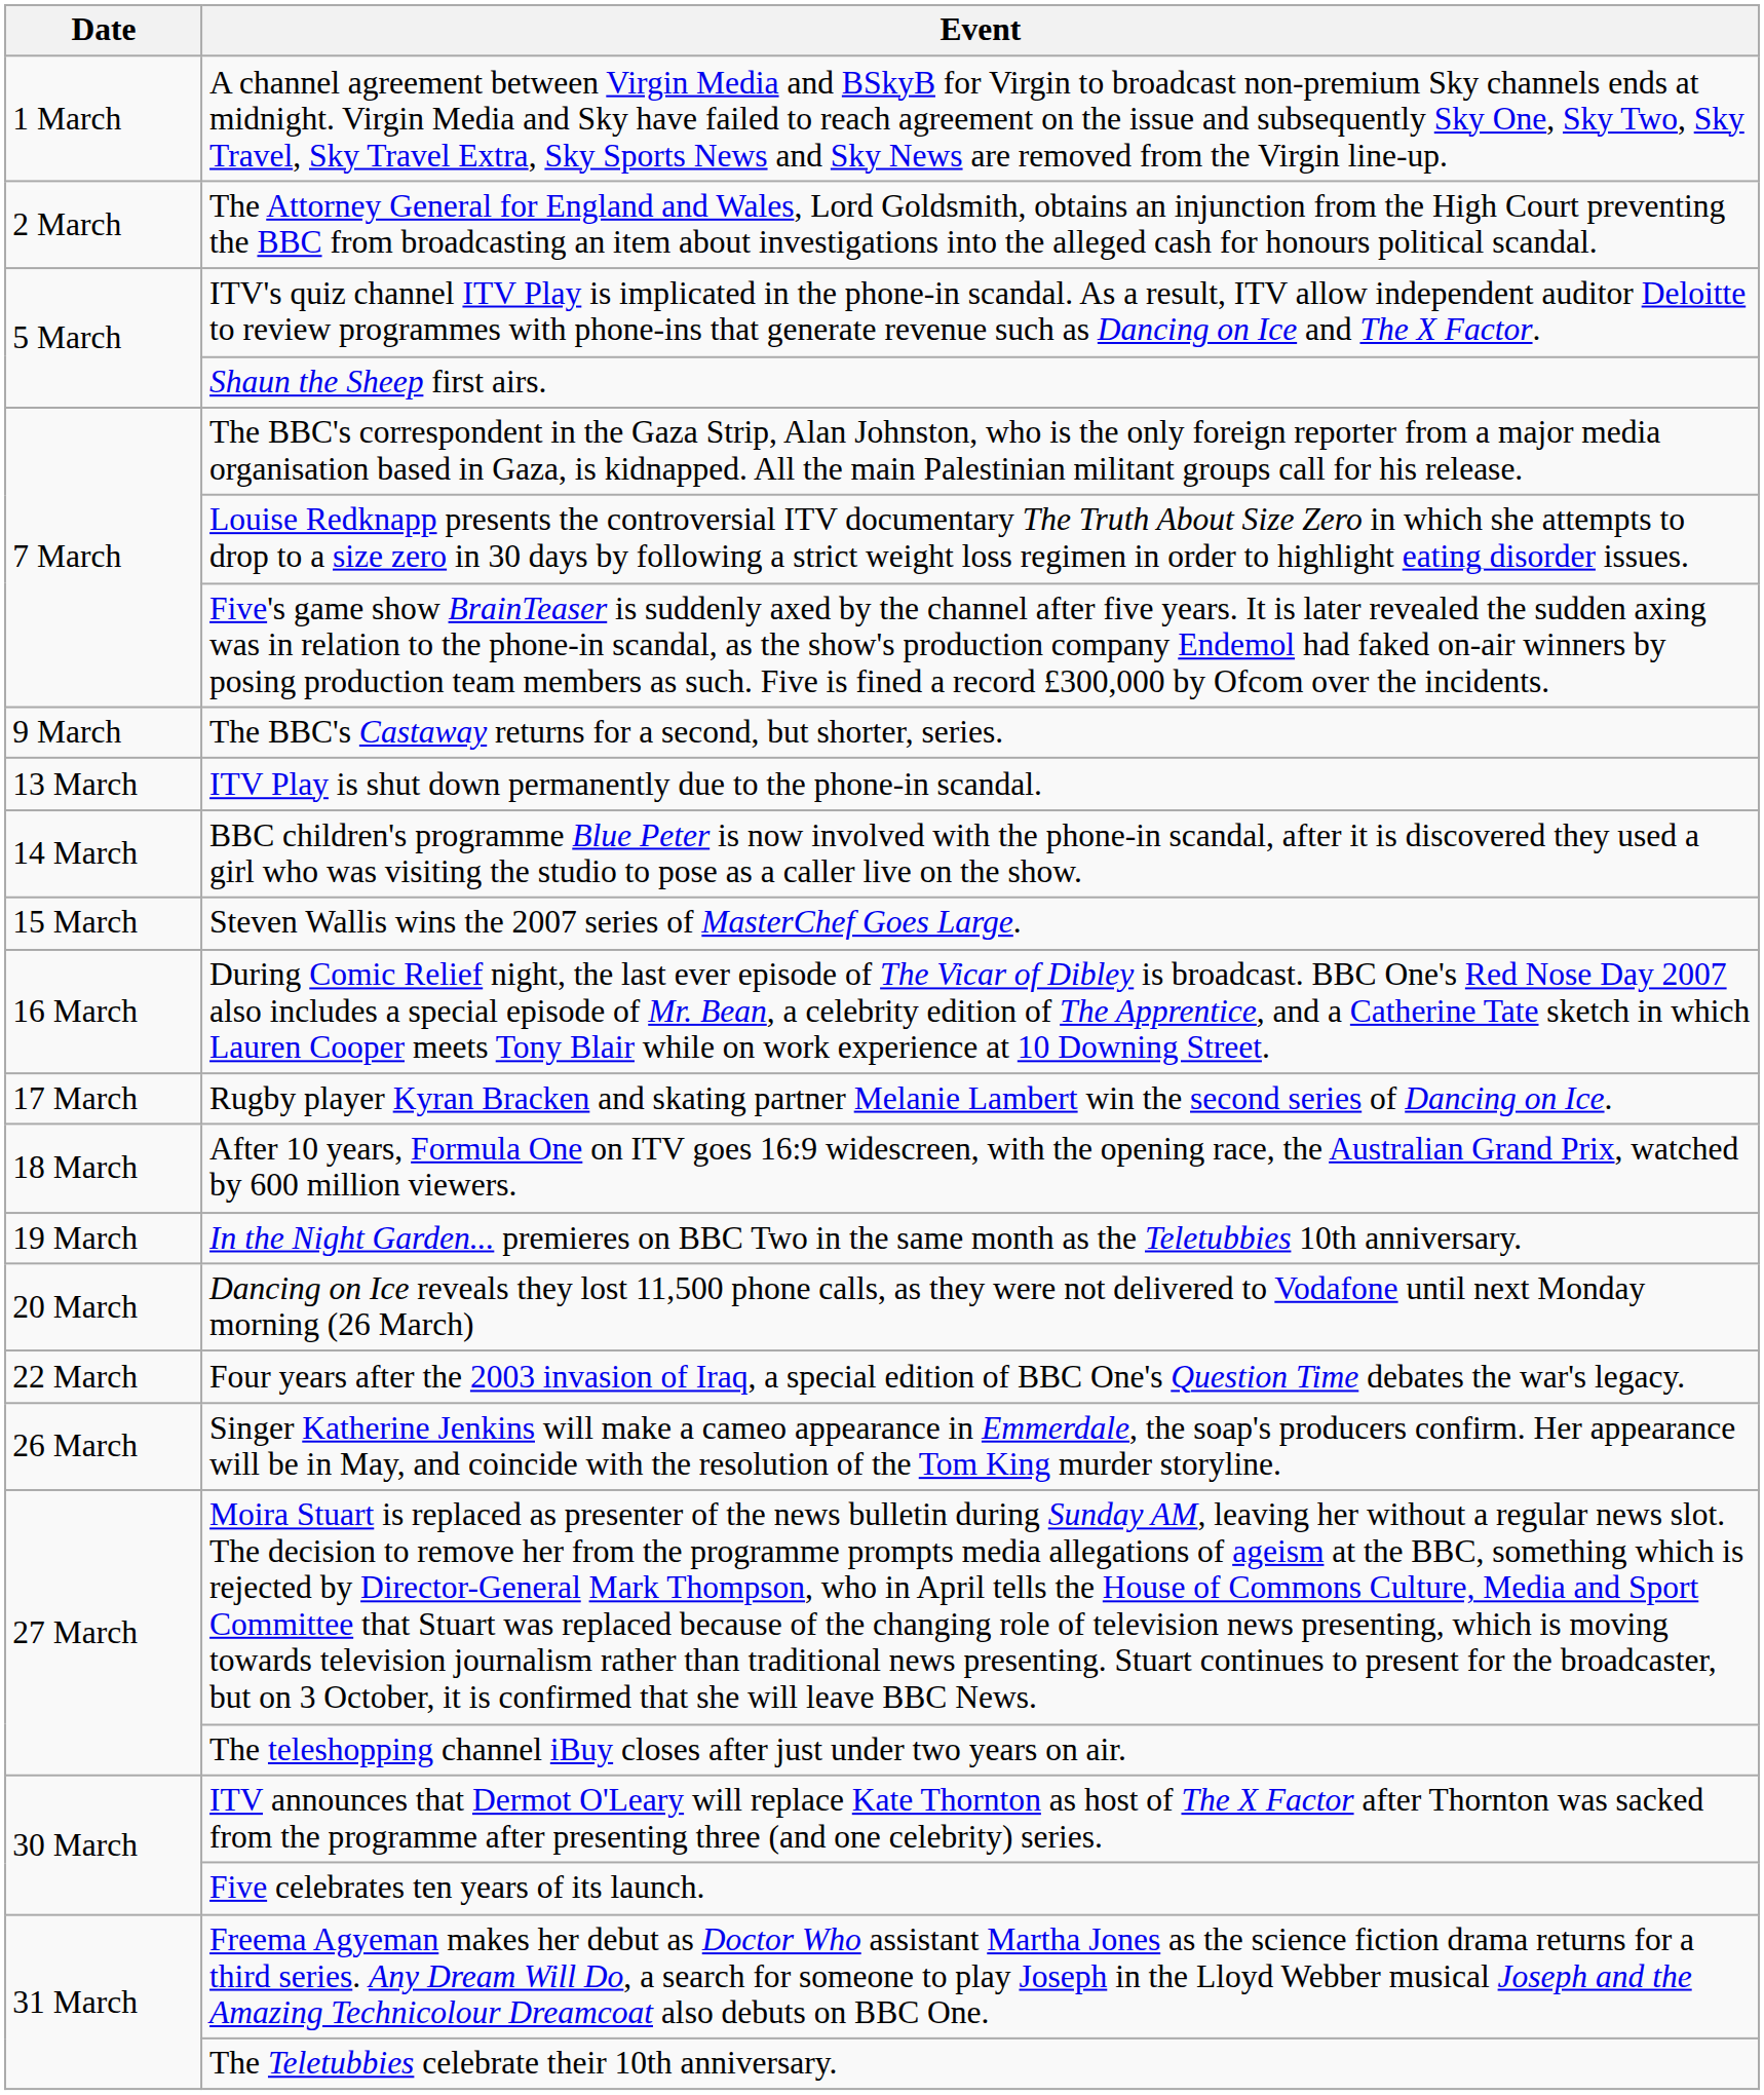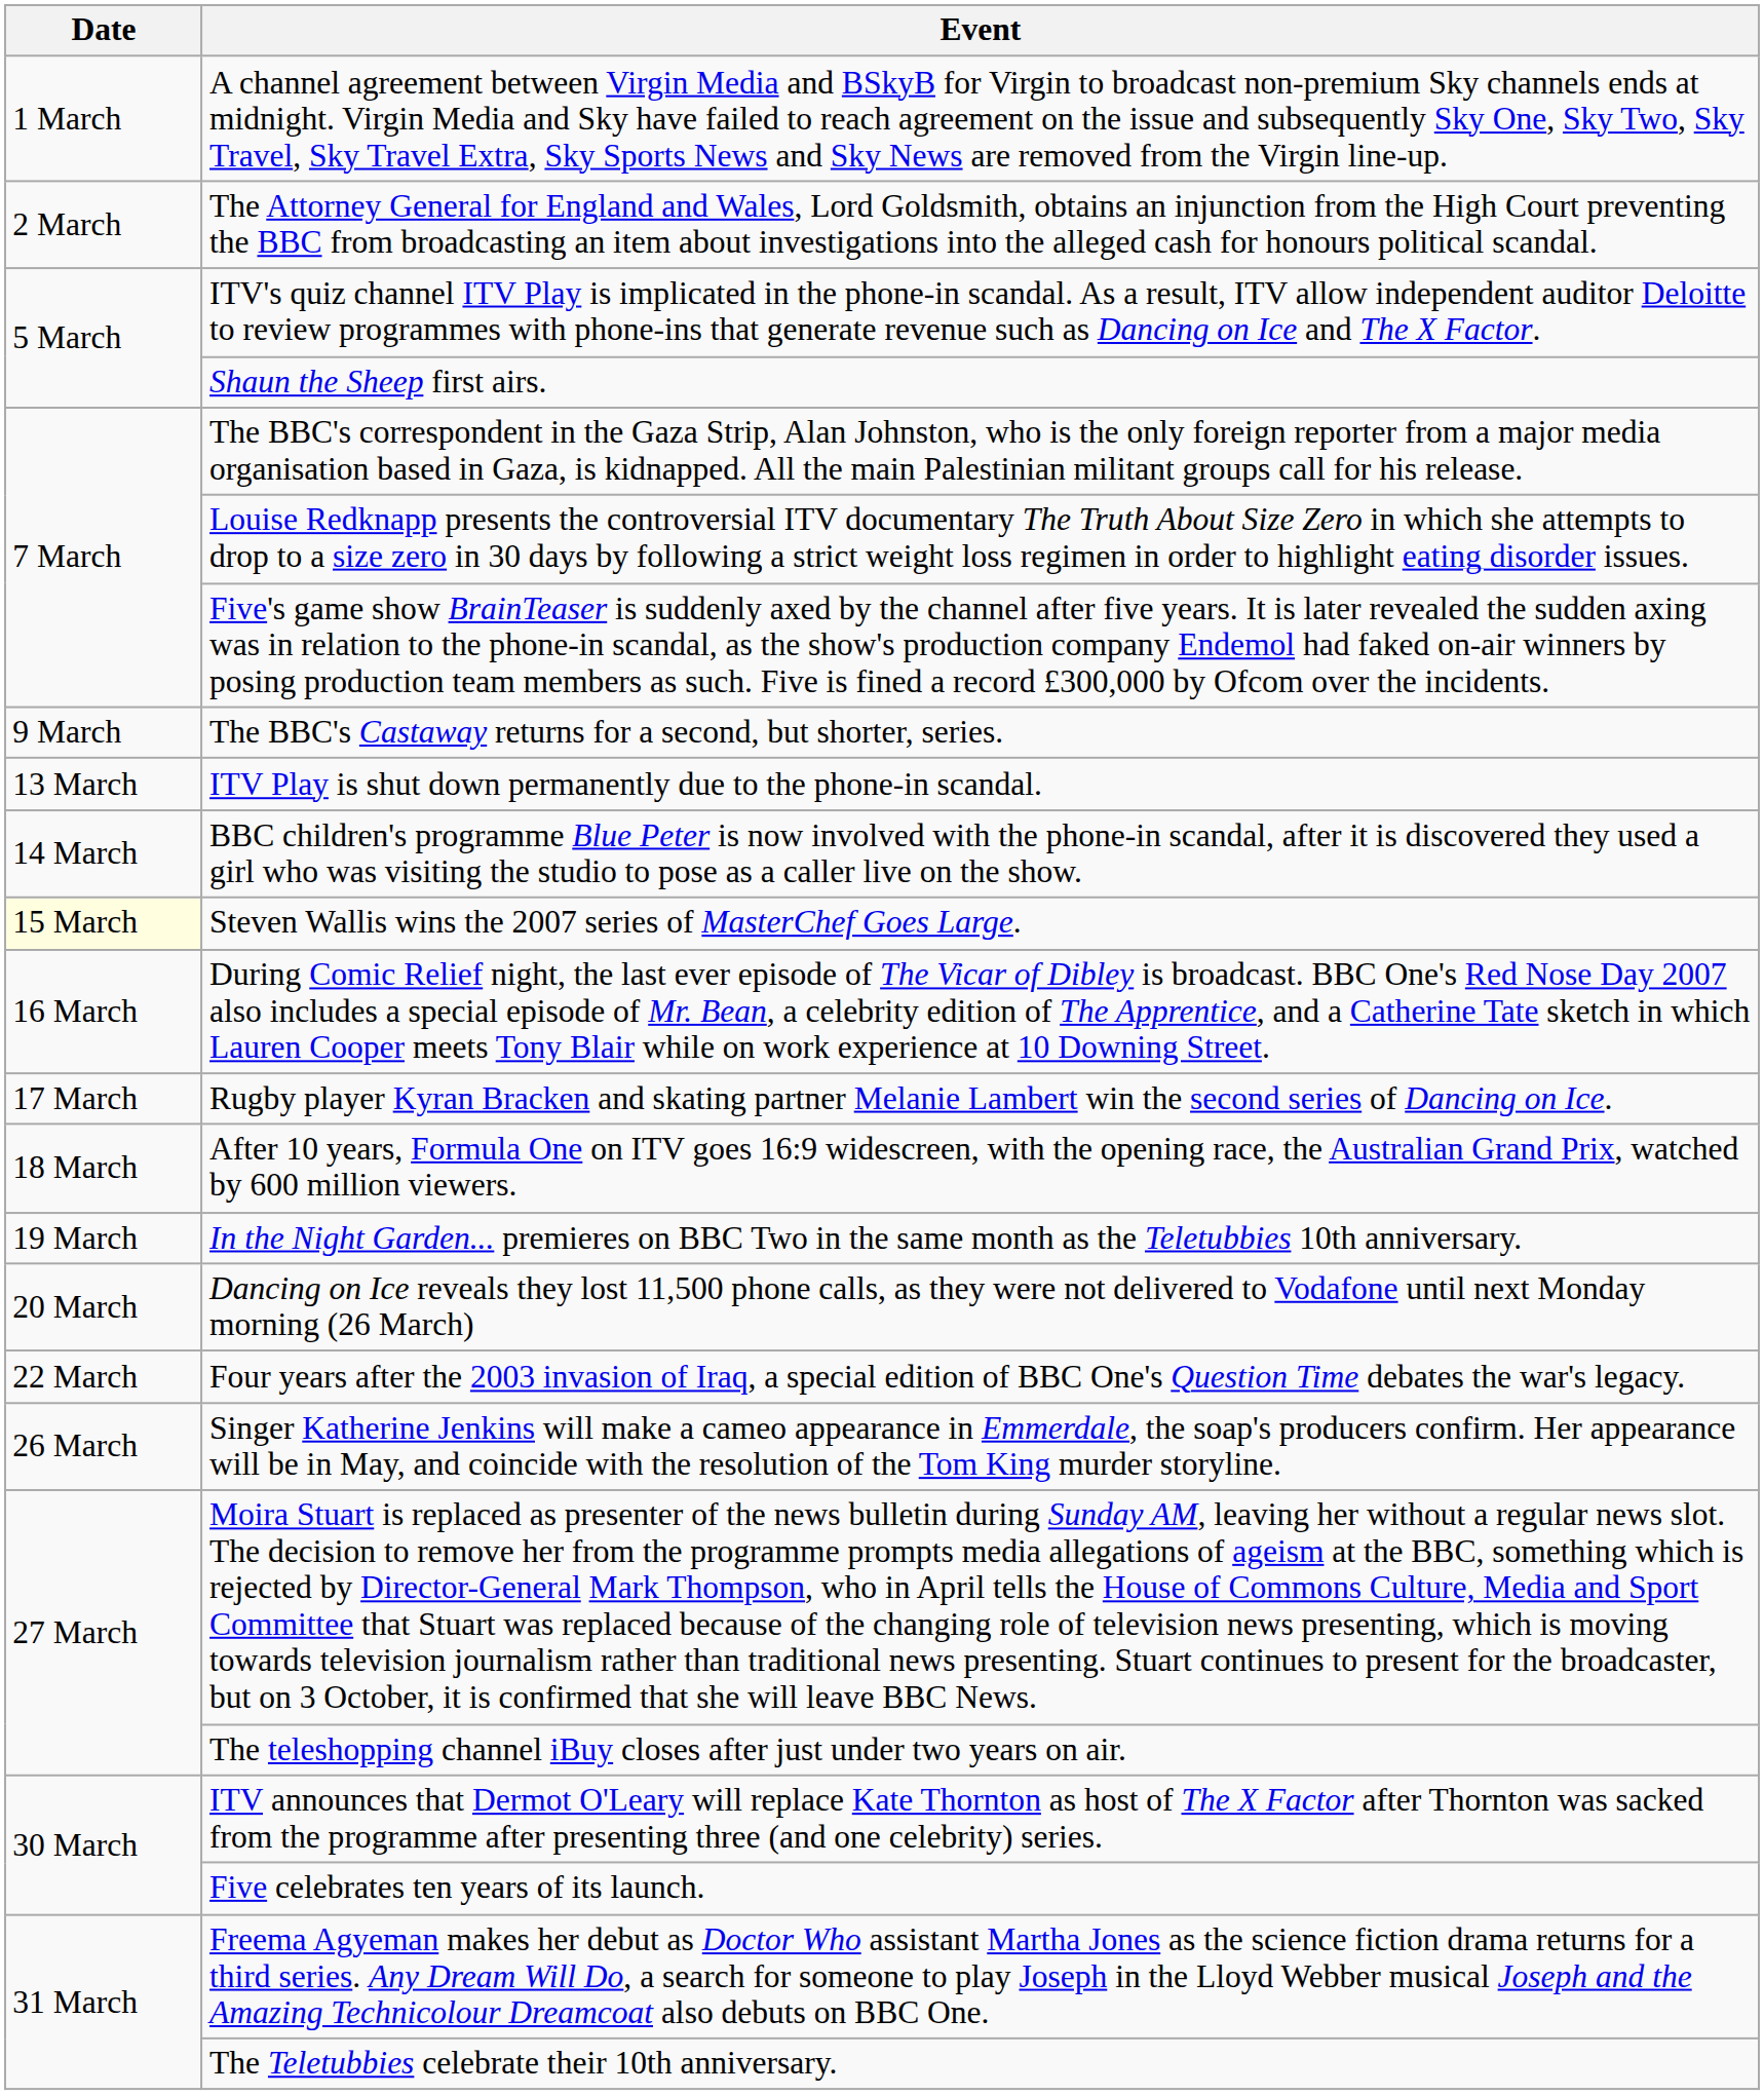 <table class="wikitable">
 <tr>
 <th width=90>Date</th>
 <th>Event</th>
 </tr>
 <tr>
 <td>1 March</td>
 <td>A channel agreement between <a href='#'>Virgin Media</a> and <a href='#'>BSkyB</a> for Virgin to broadcast non-premium Sky channels ends at midnight. Virgin Media and Sky have failed to reach agreement on the issue and subsequently <a href='#'>Sky One</a>, <a href='#'>Sky Two</a>, <a href='#'>Sky Travel</a>, <a href='#'>Sky Travel Extra</a>, <a href='#'>Sky Sports News</a> and <a href='#'>Sky News</a> are removed from the Virgin line-up.</td>
 </tr>
 <tr>
 <td>2 March</td>
 <td>The <a href='#'>Attorney General for England and Wales</a>, Lord Goldsmith, obtains an injunction from the High Court preventing the <a href='#'>BBC</a> from broadcasting an item about investigations into the alleged cash for honours political scandal.</td>
 </tr>
 <tr>
 <td rowspan="2">5 March</td>
 <td>ITV's quiz channel <a href='#'>ITV Play</a> is implicated in the phone-in scandal. As a result, ITV allow independent auditor <a href='#'>Deloitte</a> to review programmes with phone-ins that generate revenue such as <em><a href='#'>Dancing on Ice</a></em> and <em><a href='#'>The X Factor</a></em>.</td>
 </tr>
 <tr>
 <td><em><a href='#'>Shaun the Sheep</a></em> first airs.</td>
 </tr>
 <tr>
 <td rowspan="3">7 March</td>
 <td>The BBC's correspondent in the Gaza Strip, Alan Johnston, who is the only foreign reporter from a major media organisation based in Gaza, is kidnapped. All the main Palestinian militant groups call for his release.</td>
 </tr>
 <tr>
 <td><a href='#'>Louise Redknapp</a> presents the controversial ITV documentary <em>The Truth About Size Zero</em> in which she attempts to drop to a <a href='#'>size zero</a> in 30 days by following a strict weight loss regimen in order to highlight <a href='#'>eating disorder</a> issues.</td>
 </tr>
 <tr>
 <td><a href='#'>Five</a>'s game show <em><a href='#'>BrainTeaser</a></em> is suddenly axed by the channel after five years. It is later revealed the sudden axing was in relation to the phone-in scandal, as the show's production company <a href='#'>Endemol</a> had faked on-air winners by posing production team members as such. Five is fined a record £300,000 by Ofcom over the incidents.</td>
 </tr>
 <tr>
 <td>9 March</td>
 <td>The BBC's <em><a href='#'>Castaway</a></em> returns for a second, but shorter, series.</td>
 </tr>
 <tr>
 <td>13 March</td>
 <td><a href='#'>ITV Play</a> is shut down permanently due to the phone-in scandal.</td>
 </tr>
 <tr>
 <td>14 March</td>
 <td>BBC children's programme <em><a href='#'>Blue Peter</a></em> is now involved with the phone-in scandal, after it is discovered they used a girl who was visiting the studio to pose as a caller live on the show.</td>
 </tr>
 <tr>
-<td>15 March</td>
+<td style="background: lightyellow;">15 March</td>
 <td>Steven Wallis wins the 2007 series of <em><a href='#'>MasterChef Goes Large</a></em>.</td>
 </tr>
 <tr>
 <td>16 March</td>
 <td>During <a href='#'>Comic Relief</a> night, the last ever episode of <em><a href='#'>The Vicar of Dibley</a></em> is broadcast. BBC One's <a href='#'>Red Nose Day 2007</a> also includes a special episode of <em><a href='#'>Mr. Bean</a></em>, a celebrity edition of <em><a href='#'>The Apprentice</a></em>, and a <a href='#'>Catherine Tate</a> sketch in which <a href='#'>Lauren Cooper</a> meets <a href='#'>Tony Blair</a> while on work experience at <a href='#'>10 Downing Street</a>.</td>
 </tr>
 <tr>
 <td>17 March</td>
 <td>Rugby player <a href='#'>Kyran Bracken</a> and skating partner <a href='#'>Melanie Lambert</a> win the <a href='#'>second series</a> of <em><a href='#'>Dancing on Ice</a></em>.</td>
 </tr>
 <tr>
 <td>18 March</td>
 <td>After 10 years, <a href='#'>Formula One</a> on ITV goes 16:9 widescreen, with the opening race, the <a href='#'>Australian Grand Prix</a>, watched by 600 million viewers.</td>
 </tr>
 <tr>
 <td>19 March</td>
 <td><em><a href='#'>In the Night Garden...</a></em> premieres on BBC Two in the same month as the <em><a href='#'>Teletubbies</a></em> 10th anniversary.</td>
 </tr>
 <tr>
 <td>20 March</td>
 <td><em>Dancing on Ice</em> reveals they lost 11,500 phone calls, as they were not delivered to <a href='#'>Vodafone</a> until next Monday morning (26 March)</td>
 </tr>
 <tr>
 <td>22 March</td>
 <td>Four years after the <a href='#'>2003 invasion of Iraq</a>, a special edition of BBC One's <em><a href='#'>Question Time</a></em> debates the war's legacy.</td>
 </tr>
 <tr>
 <td>26 March</td>
 <td>Singer <a href='#'>Katherine Jenkins</a> will make a cameo appearance in <em><a href='#'>Emmerdale</a></em>, the soap's producers confirm. Her appearance will be in May, and coincide with the resolution of the <a href='#'>Tom King</a> murder storyline.</td>
 </tr>
 <tr>
 <td rowspan=2>27 March</td>
 <td><a href='#'>Moira Stuart</a> is replaced as presenter of the news bulletin during <em><a href='#'>Sunday AM</a></em>, leaving her without a regular news slot. The decision to remove her from the programme prompts media allegations of <a href='#'>ageism</a> at the BBC, something which is rejected by <a href='#'>Director-General</a> <a href='#'>Mark Thompson</a>, who in April tells the <a href='#'>House of Commons Culture, Media and Sport Committee</a> that Stuart was replaced because of the changing role of television news presenting, which is moving towards television journalism rather than traditional news presenting. Stuart continues to present for the broadcaster, but on 3 October, it is confirmed that she will leave BBC News.</td>
 </tr>
 <tr>
 <td>The <a href='#'>teleshopping</a> channel <a href='#'>iBuy</a> closes after just under two years on air.</td>
 </tr>
 <tr>
 <td rowspan=2>30 March</td>
 <td><a href='#'>ITV</a> announces that <a href='#'>Dermot O'Leary</a> will replace <a href='#'>Kate Thornton</a> as host of <em><a href='#'>The X Factor</a></em> after Thornton was sacked from the programme after presenting three (and one celebrity) series.</td>
 </tr>
 <tr>
 <td><a href='#'>Five</a> celebrates ten years of its launch.</td>
 </tr>
 <tr>
 <td rowspan=2>31 March</td>
 <td><a href='#'>Freema Agyeman</a> makes her debut as <em><a href='#'>Doctor Who</a></em> assistant <a href='#'>Martha Jones</a> as the science fiction drama returns for a <a href='#'>third series</a>. <em><a href='#'>Any Dream Will Do</a></em>, a search for someone to play <a href='#'>Joseph</a> in the Lloyd Webber musical <em><a href='#'>Joseph and the Amazing Technicolour Dreamcoat</a></em> also debuts on BBC One.</td>
 </tr>
 <tr>
 <td>The <em><a href='#'>Teletubbies</a></em> celebrate their 10th anniversary.</td>
 </tr>
 </table>
